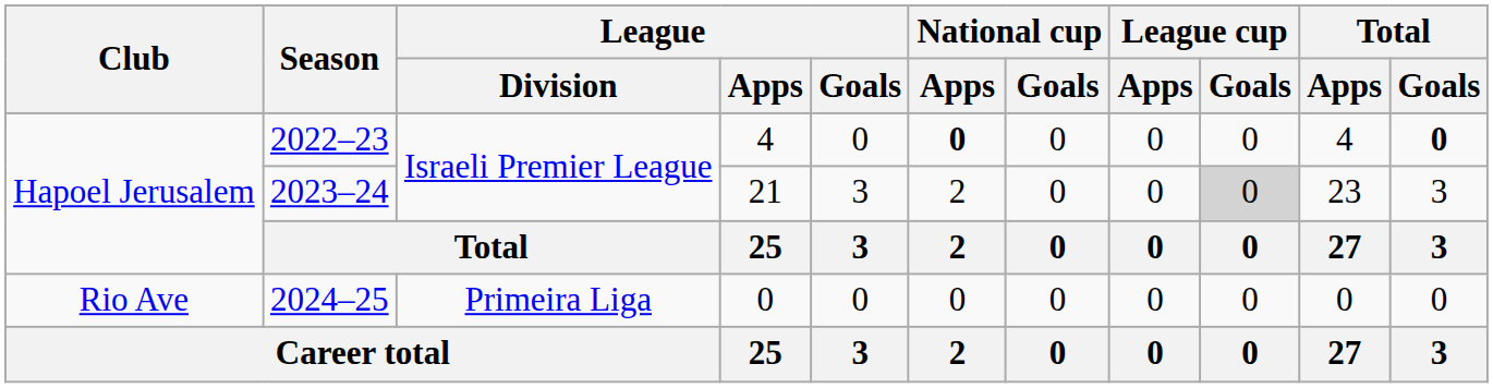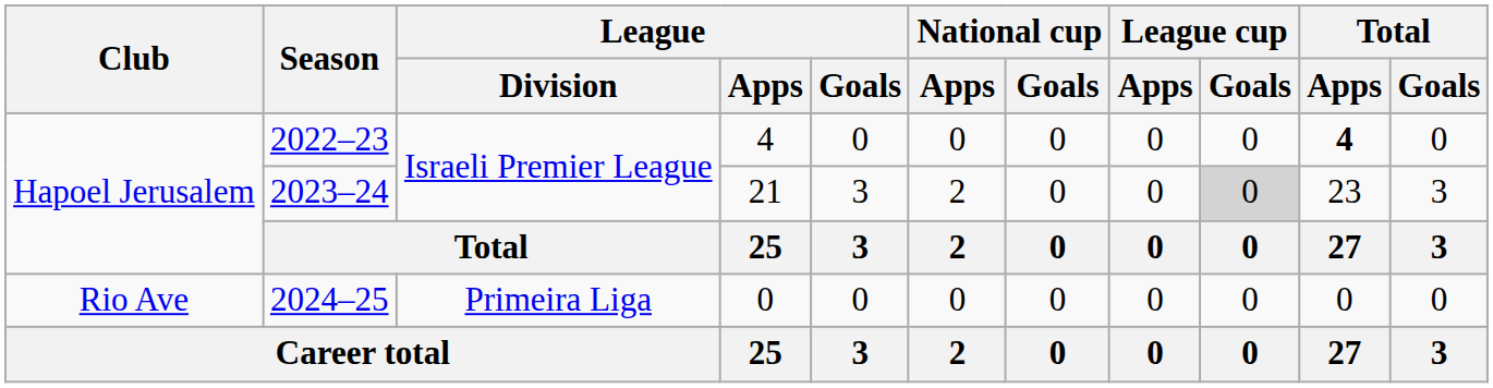 <table class="wikitable" style="text-align: center">
 <tr>
 <th rowspan="2">Club</th>
 <th rowspan="2">Season</th>
 <th colspan="3">League</th>
 <th colspan="2">National cup</th>
 <th colspan="2">League cup</th>
 <th colspan="2">Total</th>
 </tr>
 <tr>
 <th>Division</th>
 <th>Apps</th>
 <th>Goals</th>
 <th>Apps</th>
 <th>Goals</th>
 <th>Apps</th>
 <th>Goals</th>
 <th>Apps</th>
 <th>Goals</th>
 </tr>
 <tr>
 <td rowspan="3"><a href='#'>Hapoel Jerusalem</a></td>
 <td><a href='#'>2022–23</a></td>
 <td rowspan="2"><a href='#'>Israeli Premier League</a></td>
 <td>4</td>
 <td>0</td>
-<td><strong>0</strong></td>
 <td>0</td>
 <td>0</td>
 <td>0</td>
-<td>4</td>
-<td><strong>0</strong></td>
+<td>0</td>
+<td><strong>4</strong></td>
+<td>0</td>
 </tr>
 <tr>
 <td><a href='#'>2023–24</a></td>
 <td>21</td>
 <td>3</td>
 <td>2</td>
 <td>0</td>
 <td>0</td>
 <td style="background: lightgrey;">0</td>
 <td>23</td>
 <td>3</td>
 </tr>
 <tr>
 <th colspan="2">Total</th>
 <th>25</th>
 <th>3</th>
 <th>2</th>
 <th>0</th>
 <th>0</th>
 <th>0</th>
 <th>27</th>
 <th>3</th>
 </tr>
 <tr>
 <td><a href='#'>Rio Ave</a></td>
 <td><a href='#'>2024–25</a></td>
 <td><a href='#'>Primeira Liga</a></td>
 <td>0</td>
 <td>0</td>
 <td>0</td>
 <td>0</td>
 <td>0</td>
 <td>0</td>
 <td>0</td>
 <td>0</td>
 </tr>
 <tr>
 <th colspan="3">Career total</th>
 <th>25</th>
 <th>3</th>
 <th>2</th>
 <th>0</th>
 <th>0</th>
 <th>0</th>
 <th>27</th>
 <th>3</th>
 </tr>
 </table>
